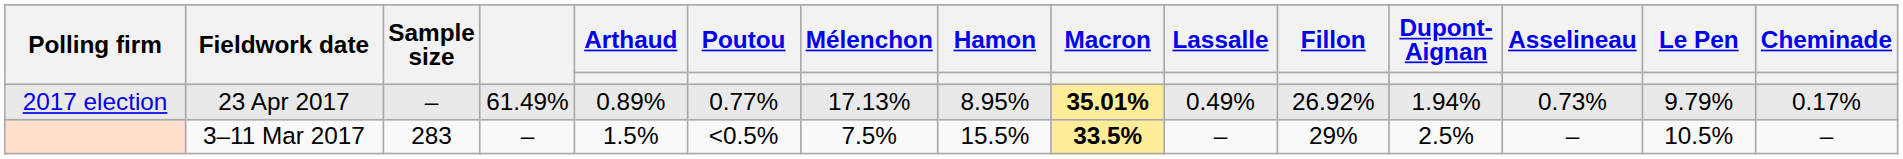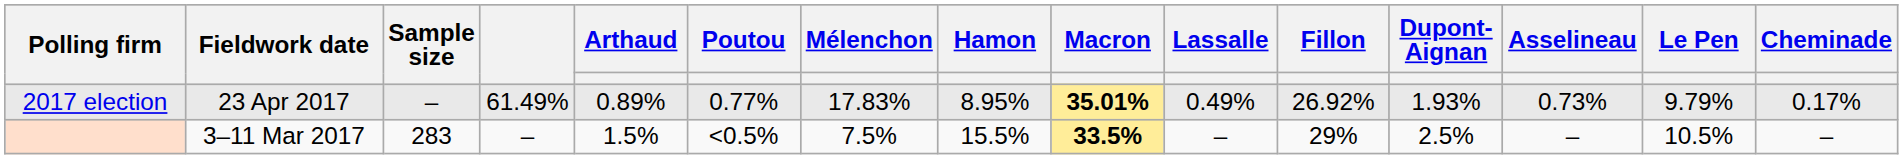 <table class="wikitable sortable" style="text-align:center;font-size:90%;line-height:14px;">
 <tr style="height:40px;">
 <th style="width:100px;" rowspan="2">Polling firm</th>
 <th style="width:110px;" rowspan="2">Fieldwork date</th>
 <th style="width:35px;" rowspan="2">Sample<br>size</th>
 <th style="width:30px;" rowspan="2"></th>
 <th class="unsortable" style="width:60px;"><a href='#'>Arthaud</a><br></th>
 <th class="unsortable" style="width:60px;"><a href='#'>Poutou</a><br></th>
 <th class="unsortable" style="width:60px;"><a href='#'>Mélenchon</a><br></th>
 <th class="unsortable" style="width:60px;"><a href='#'>Hamon</a><br></th>
 <th class="unsortable" style="width:60px;"><a href='#'>Macron</a><br></th>
 <th class="unsortable" style="width:60px;"><a href='#'>Lassalle</a><br></th>
 <th class="unsortable" style="width:60px;"><a href='#'>Fillon</a><br></th>
 <th class="unsortable" style="width:60px;"><a href='#'>Dupont-Aignan</a><br></th>
 <th class="unsortable" style="width:60px;"><a href='#'>Asselineau</a><br></th>
 <th class="unsortable" style="width:60px;"><a href='#'>Le Pen</a><br></th>
 <th class="unsortable" style="width:60px;"><a href='#'>Cheminade</a><br></th>
 </tr>
 <tr>
 <th style="background:"></th>
 <th style="background:"></th>
 <th style="background:"></th>
 <th style="background:"></th>
 <th style="background:"></th>
 <th style="background:"></th>
 <th style="background:"></th>
 <th style="background:"></th>
 <th style="background:"></th>
 <th style="background:"></th>
 <th style="background:"></th>
 </tr>
 <tr style="background:#E9E9E9;">
 <td><a href='#'>2017 election</a></td>
 <td data-sort-value="2017-04-23">23 Apr 2017</td>
 <td>–</td>
 <td>61.49%</td>
 <td>0.89%</td>
 <td>0.77%</td>
-<td>17.13%</td>
+<td>17.83%</td>
 <td>8.95%</td>
 <td style="background:#FFED99;"><strong>35.01%</strong></td>
 <td>0.49%</td>
 <td>26.92%</td>
-<td>1.94%</td>
+<td>1.93%</td>
 <td>0.73%</td>
 <td>9.79%</td>
 <td>0.17%</td>
 </tr>
 <tr>
 <td style="background:#FFDFCC;"></td>
 <td data-sort-value="2017-03-11">3–11 Mar 2017</td>
 <td>283</td>
 <td>–</td>
 <td>1.5%</td>
 <td data-sort-value="0%"><0.5%</td>
 <td>7.5%</td>
 <td>15.5%</td>
 <td style="background:#FFED99;"><strong>33.5%</strong></td>
 <td>–</td>
 <td>29%</td>
 <td>2.5%</td>
 <td>–</td>
 <td>10.5%</td>
 <td>–</td>
 </tr>
 </table>
